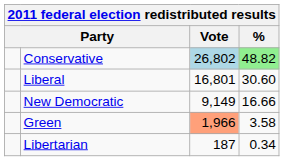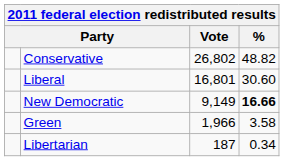 <table class="wikitable">
 <tr>
 <th colspan="4"><a href='#'>2011 federal election</a> redistributed results</th>
 </tr>
 <tr>
 <th bgcolor="#DDDDFF" width="130px" colspan="2">Party</th>
 <th bgcolor="#DDDDFF" width="50px">Vote</th>
 <th bgcolor="#DDDDFF" width="30px">%</th>
 </tr>
 <tr>
 <td> </td>
 <td><a href='#'>Conservative</a></td>
-<td align=right style="background: lightblue;">26,802</td>
-<td align=right style="background: lightgreen;">48.82</td>
+<td align=right>26,802</td>
+<td align=right>48.82</td>
 </tr>
 <tr>
 <td> </td>
 <td><a href='#'>Liberal</a></td>
 <td align=right>16,801</td>
 <td align=right>30.60</td>
 </tr>
 <tr>
 <td> </td>
 <td><a href='#'>New Democratic</a></td>
 <td align=right>9,149</td>
-<td align=right>16.66</td>
+<td align=right><strong>16.66</strong></td>
 </tr>
 <tr>
 <td> </td>
 <td><a href='#'>Green</a></td>
-<td align=right style="background: lightsalmon;">1,966</td>
+<td align=right>1,966</td>
 <td align=right>3.58</td>
 </tr>
 <tr>
 <td> </td>
 <td><a href='#'>Libertarian</a></td>
 <td align=right>187</td>
 <td align=right>0.34</td>
 </tr>
 </table>
